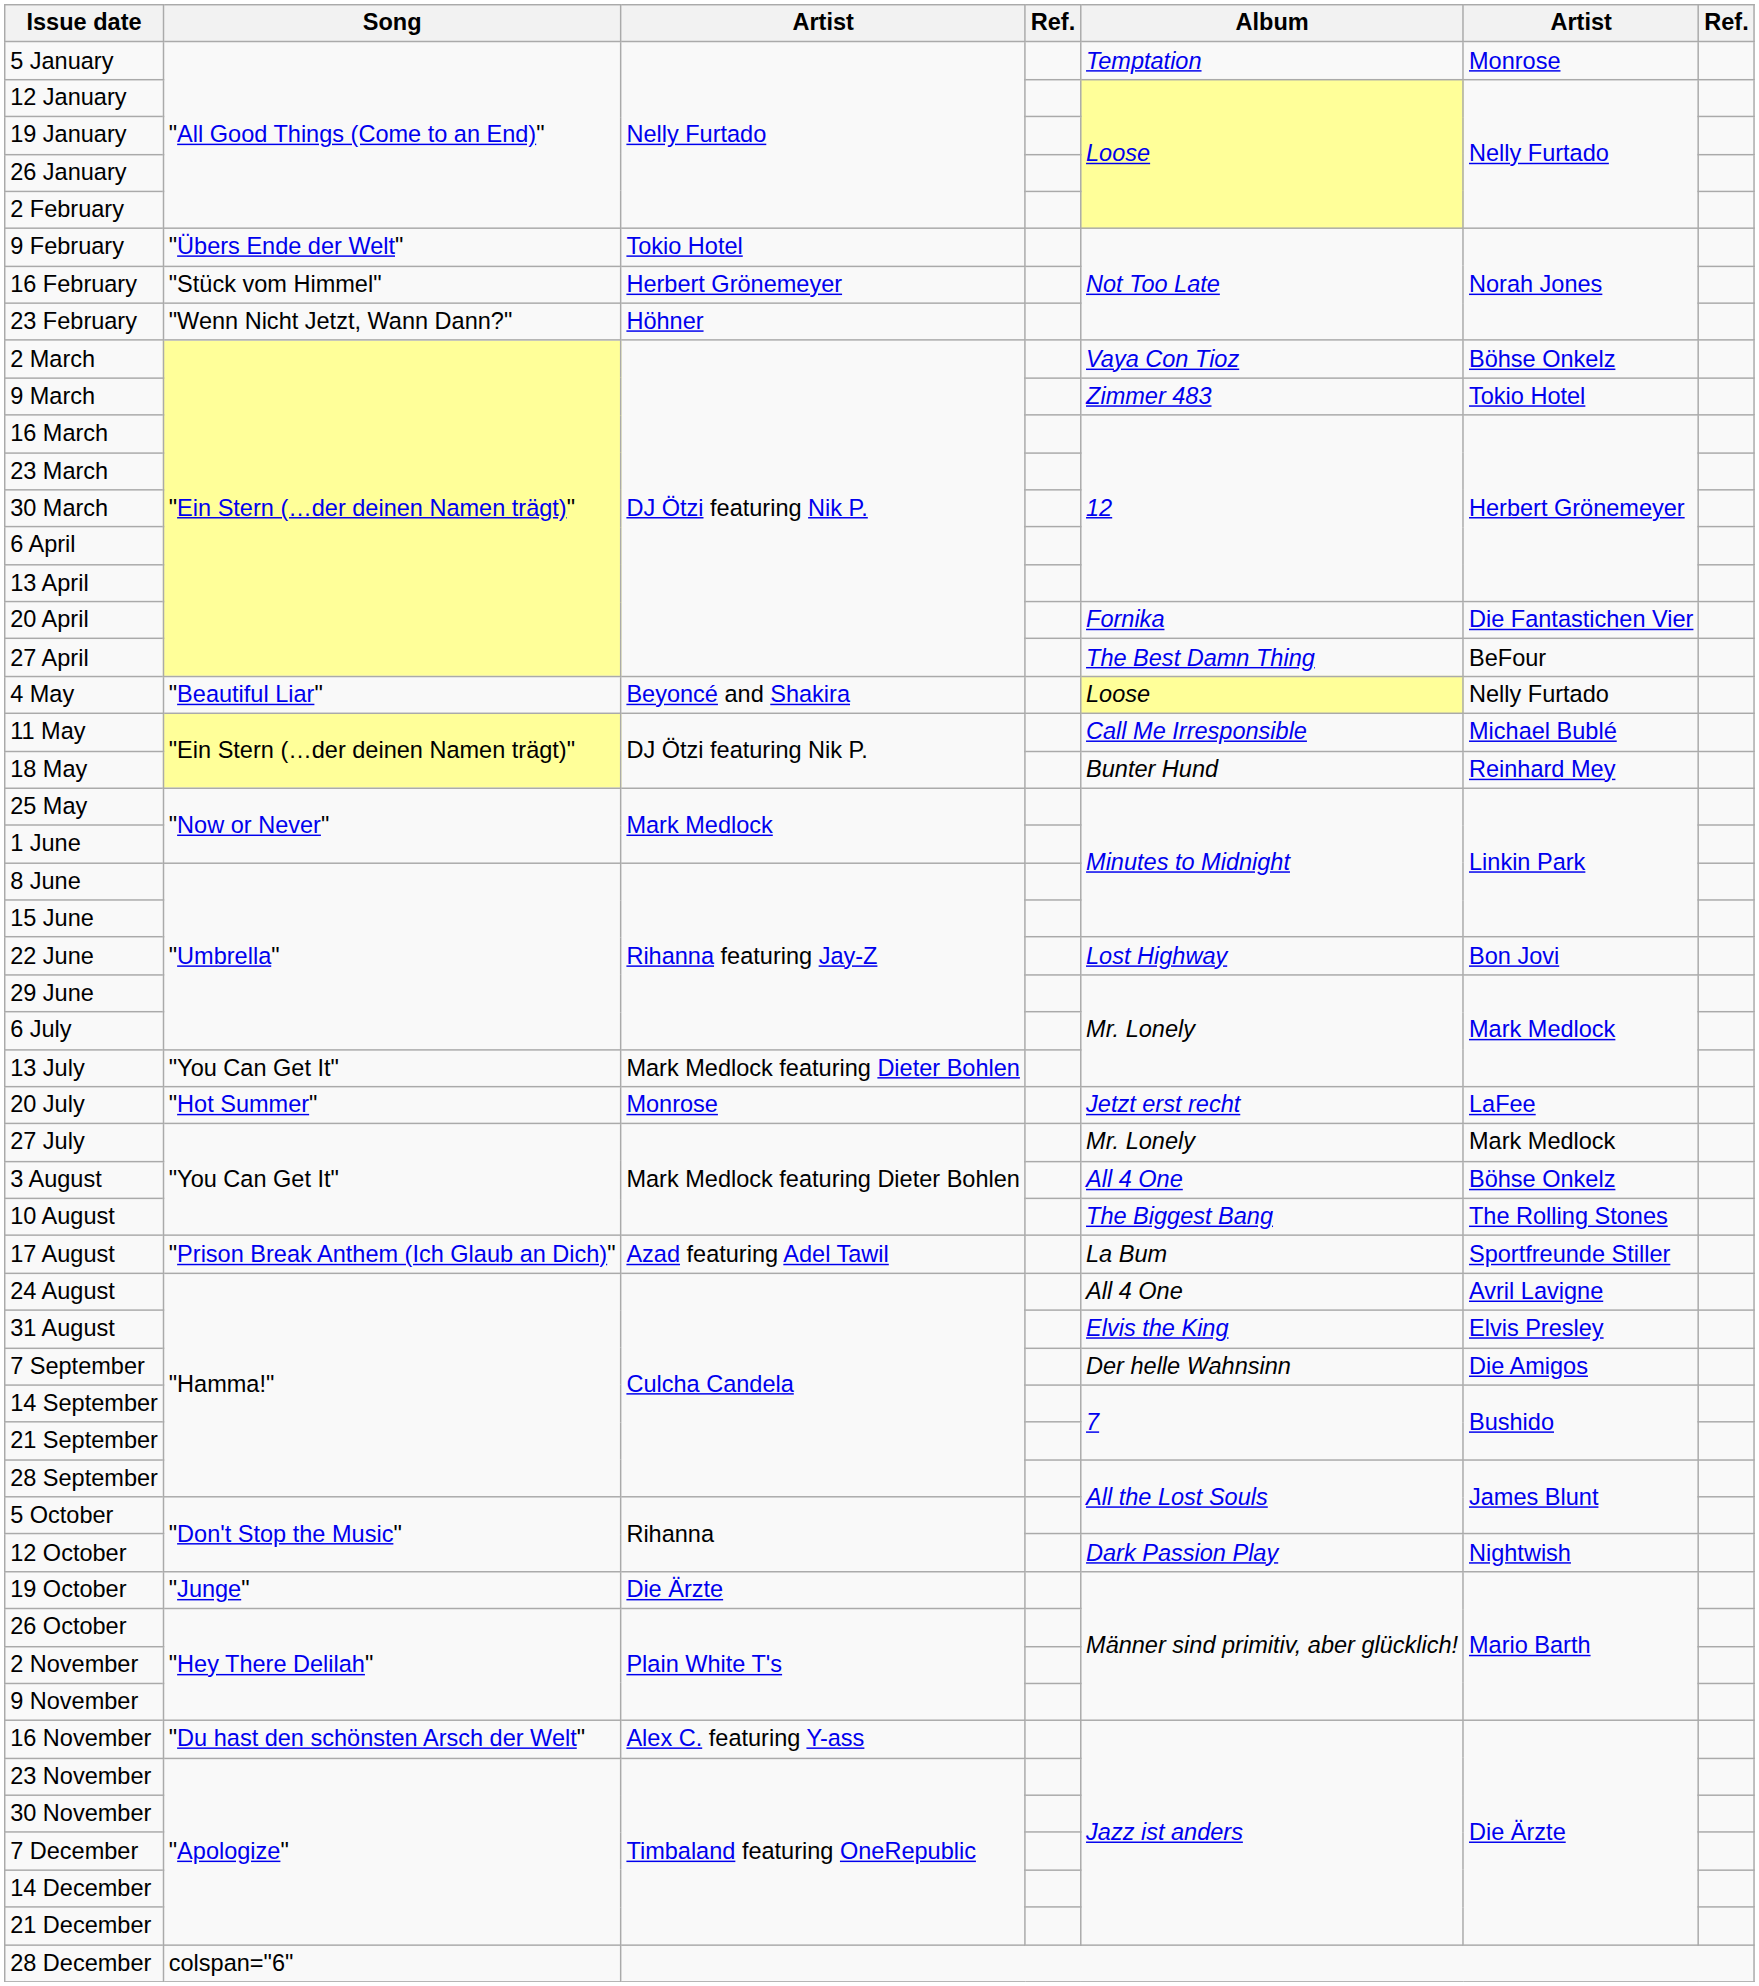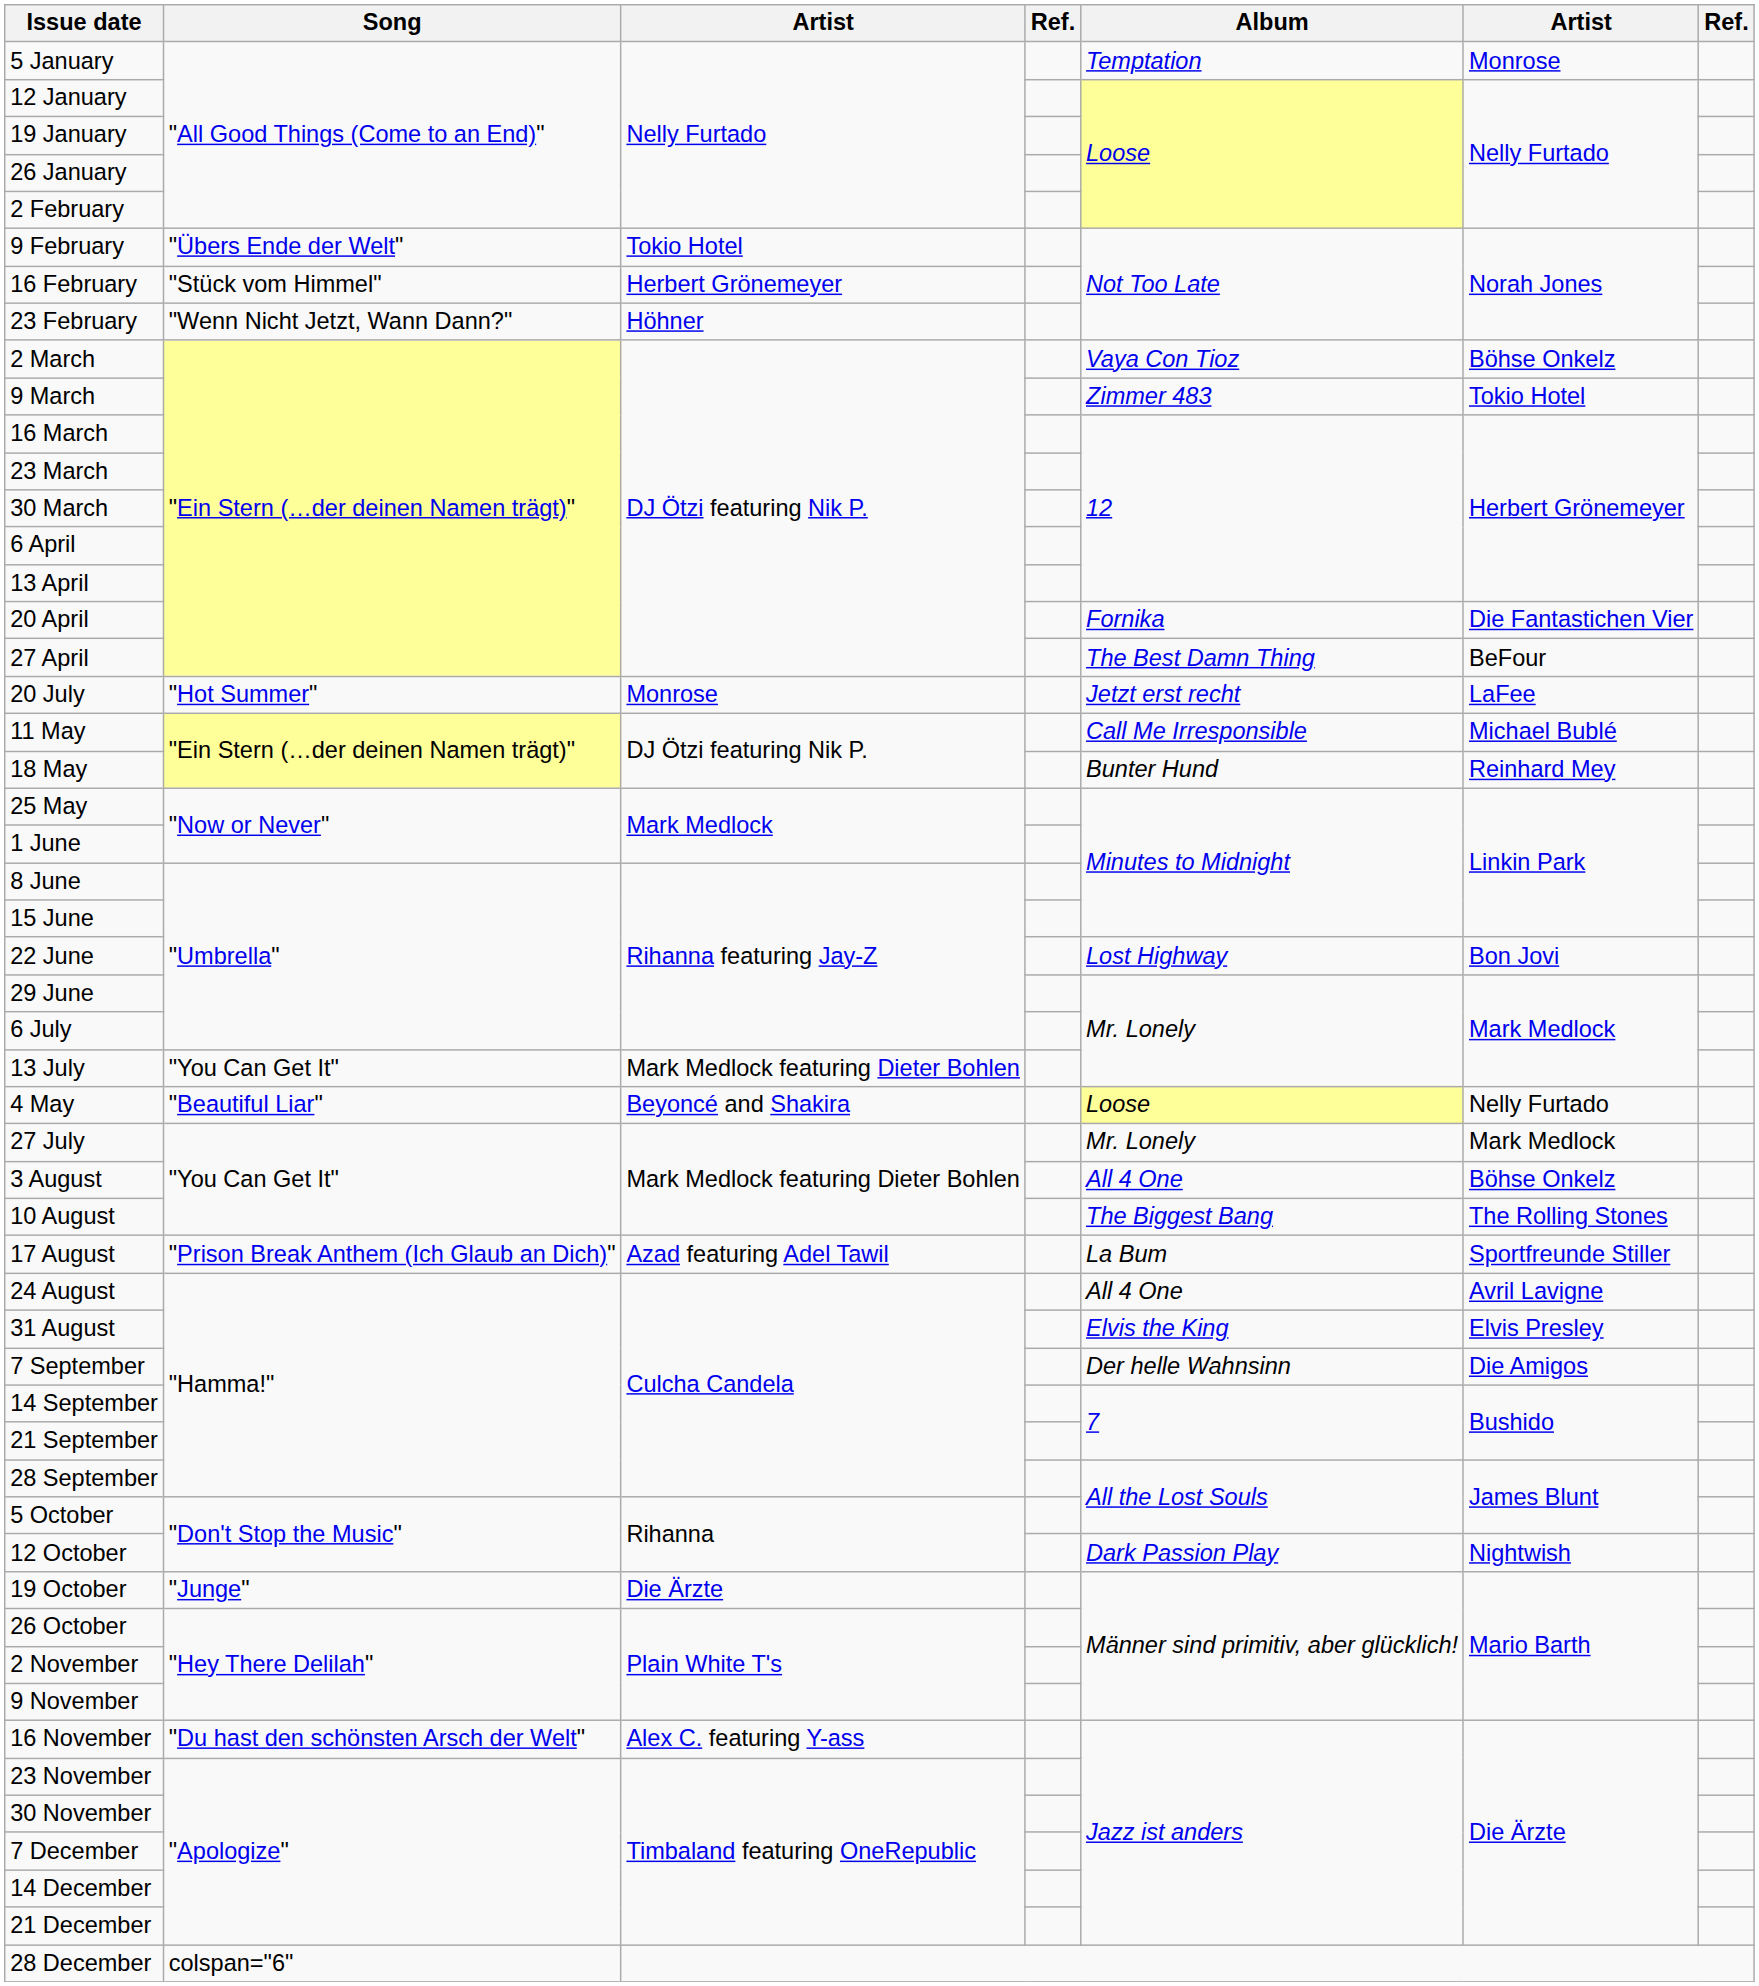 <table class="sortable wikitable">
 <tr>
 <th>Issue date</th>
 <th>Song</th>
 <th>Artist</th>
 <th>Ref.</th>
 <th>Album</th>
 <th>Artist</th>
 <th>Ref.</th>
 </tr>
 <tr>
 <td>5 January</td>
 <td rowspan="5">"<a href='#'>All Good Things (Come to an End)</a>"</td>
 <td rowspan="5"><a href='#'>Nelly Furtado</a></td>
 <td align="center"></td>
 <td><em><a href='#'>Temptation</a></em></td>
 <td><a href='#'>Monrose</a></td>
 <td align="center"></td>
 </tr>
 <tr>
 <td>12 January</td>
 <td align="center"></td>
 <td bgcolor=#FFFF99 rowspan="4"><em><a href='#'>Loose</a></em></td>
 <td rowspan="4"><a href='#'>Nelly Furtado</a></td>
 <td align="center"></td>
 </tr>
 <tr>
 <td>19 January</td>
 <td align="center"></td>
 <td align="center"></td>
 </tr>
 <tr>
 <td>26 January</td>
 <td align="center"></td>
 <td align="center"></td>
 </tr>
 <tr>
 <td>2 February</td>
 <td align="center"></td>
 <td align="center"></td>
 </tr>
 <tr>
 <td>9 February</td>
 <td>"<a href='#'>Übers Ende der Welt</a>"</td>
 <td><a href='#'>Tokio Hotel</a></td>
 <td align="center"></td>
 <td rowspan="3"><em><a href='#'>Not Too Late</a></em></td>
 <td rowspan="3"><a href='#'>Norah Jones</a></td>
 <td align="center"></td>
 </tr>
 <tr>
 <td>16 February</td>
 <td>"Stück vom Himmel"</td>
 <td><a href='#'>Herbert Grönemeyer</a></td>
 <td align="center"></td>
 <td align="center"></td>
 </tr>
 <tr>
 <td>23 February</td>
 <td>"Wenn Nicht Jetzt, Wann Dann?"</td>
 <td><a href='#'>Höhner</a></td>
 <td align="center"></td>
 <td align="center"></td>
 </tr>
 <tr>
 <td>2 March</td>
 <td bgcolor=#FFFF99 rowspan="9">"<a href='#'>Ein Stern (…der deinen Namen trägt)</a>"</td>
 <td rowspan="9"><a href='#'>DJ Ötzi</a> featuring <a href='#'>Nik P.</a></td>
 <td align="center"></td>
 <td><em><a href='#'>Vaya Con Tioz</a></em></td>
 <td><a href='#'>Böhse Onkelz</a></td>
 <td align="center"></td>
 </tr>
 <tr>
 <td>9 March</td>
 <td align="center"></td>
 <td><em><a href='#'>Zimmer 483</a></em></td>
 <td><a href='#'>Tokio Hotel</a></td>
 <td align="center"></td>
 </tr>
 <tr>
 <td>16 March</td>
 <td align="center"></td>
 <td rowspan="5"><em><a href='#'>12</a></em></td>
 <td rowspan="5"><a href='#'>Herbert Grönemeyer</a></td>
 <td align="center"></td>
 </tr>
 <tr>
 <td>23 March</td>
 <td align="center"></td>
 <td align="center"></td>
 </tr>
 <tr>
 <td>30 March</td>
 <td align="center"></td>
 <td align="center"></td>
 </tr>
 <tr>
 <td>6 April</td>
 <td align="center"></td>
 <td align="center"></td>
 </tr>
 <tr>
 <td>13 April</td>
 <td align="center"></td>
 <td align="center"></td>
 </tr>
 <tr>
 <td>20 April</td>
 <td align="center"></td>
 <td><em><a href='#'>Fornika</a></em></td>
 <td><a href='#'>Die Fantastichen Vier</a></td>
 <td align="center"></td>
 </tr>
 <tr>
 <td>27 April</td>
 <td align="center"></td>
 <td><em><a href='#'>The Best Damn Thing</a></em></td>
 <td>BeFour</td>
 <td align="center"></td>
 </tr>
 <tr>
-<td>4 May</td>
-<td>"<a href='#'>Beautiful Liar</a>"</td>
-<td><a href='#'>Beyoncé</a> and <a href='#'>Shakira</a></td>
+<td>20 July</td>
+<td>"<a href='#'>Hot Summer</a>"</td>
+<td><a href='#'>Monrose</a></td>
 <td align="center"></td>
-<td bgcolor=#FFFF99><em>Loose</em></td>
-<td>Nelly Furtado</td>
+<td><em><a href='#'>Jetzt erst recht</a></em></td>
+<td><a href='#'>LaFee</a></td>
 <td align="center"></td>
 </tr>
 <tr>
 <td>11 May</td>
 <td bgcolor=#FFFF99 rowspan="2">"Ein Stern (…der deinen Namen trägt)"</td>
 <td rowspan="2">DJ Ötzi featuring Nik P.</td>
 <td align="center"></td>
 <td><em><a href='#'>Call Me Irresponsible</a></em></td>
 <td><a href='#'>Michael Bublé</a></td>
 <td align="center"></td>
 </tr>
 <tr>
 <td>18 May</td>
 <td align="center"></td>
 <td><em>Bunter Hund</em></td>
 <td><a href='#'>Reinhard Mey</a></td>
 <td align="center"></td>
 </tr>
 <tr>
 <td>25 May</td>
 <td rowspan="2">"<a href='#'>Now or Never</a>"</td>
 <td rowspan="2"><a href='#'>Mark Medlock</a></td>
 <td align="center"></td>
 <td rowspan="4"><em><a href='#'>Minutes to Midnight</a></em></td>
 <td rowspan="4"><a href='#'>Linkin Park</a></td>
 <td align="center"></td>
 </tr>
 <tr>
 <td>1 June</td>
 <td align="center"></td>
 <td align="center"></td>
 </tr>
 <tr>
 <td>8 June</td>
 <td rowspan="5">"<a href='#'>Umbrella</a>"</td>
 <td rowspan="5"><a href='#'>Rihanna</a> featuring <a href='#'>Jay-Z</a></td>
 <td align="center"></td>
 <td align="center"></td>
 </tr>
 <tr>
 <td>15 June</td>
 <td align="center"></td>
 <td align="center"></td>
 </tr>
 <tr>
 <td>22 June</td>
 <td align="center"></td>
 <td><em><a href='#'>Lost Highway</a></em></td>
 <td><a href='#'>Bon Jovi</a></td>
 <td align="center"></td>
 </tr>
 <tr>
 <td>29 June</td>
 <td align="center"></td>
 <td rowspan="3"><em>Mr. Lonely</em></td>
 <td rowspan="3"><a href='#'>Mark Medlock</a></td>
 <td align="center"></td>
 </tr>
 <tr>
 <td>6 July</td>
 <td align="center"></td>
 <td align="center"></td>
 </tr>
 <tr>
 <td>13 July</td>
 <td>"You Can Get It"</td>
 <td>Mark Medlock featuring <a href='#'>Dieter Bohlen</a></td>
 <td align="center"></td>
 <td align="center"></td>
 </tr>
 <tr>
-<td>20 July</td>
-<td>"<a href='#'>Hot Summer</a>"</td>
-<td><a href='#'>Monrose</a></td>
+<td>4 May</td>
+<td>"<a href='#'>Beautiful Liar</a>"</td>
+<td><a href='#'>Beyoncé</a> and <a href='#'>Shakira</a></td>
 <td align="center"></td>
-<td><em><a href='#'>Jetzt erst recht</a></em></td>
-<td><a href='#'>LaFee</a></td>
+<td bgcolor=#FFFF99><em>Loose</em></td>
+<td>Nelly Furtado</td>
 <td align="center"></td>
 </tr>
 <tr>
 <td>27 July</td>
 <td rowspan="3">"You Can Get It"</td>
 <td rowspan="3">Mark Medlock featuring Dieter Bohlen</td>
 <td align="center"></td>
 <td><em>Mr. Lonely</em></td>
 <td>Mark Medlock</td>
 <td align="center"></td>
 </tr>
 <tr>
 <td>3 August</td>
 <td align="center"></td>
 <td><em><a href='#'>All 4 One</a></em></td>
 <td><a href='#'>Böhse Onkelz</a></td>
 <td align="center"></td>
 </tr>
 <tr>
 <td>10 August</td>
 <td align="center"></td>
 <td><em><a href='#'>The Biggest Bang</a></em></td>
 <td><a href='#'>The Rolling Stones</a></td>
 <td align="center"></td>
 </tr>
 <tr>
 <td>17 August</td>
 <td>"<a href='#'>Prison Break Anthem (Ich Glaub an Dich)</a>"</td>
 <td><a href='#'>Azad</a> featuring <a href='#'>Adel Tawil</a></td>
 <td align="center"></td>
 <td><em>La Bum</em></td>
 <td><a href='#'>Sportfreunde Stiller</a></td>
 <td align="center"></td>
 </tr>
 <tr>
 <td>24 August</td>
 <td rowspan="6">"Hamma!"</td>
 <td rowspan="6"><a href='#'>Culcha Candela</a></td>
 <td align="center"></td>
 <td><em>All 4 One</em></td>
 <td><a href='#'>Avril Lavigne</a></td>
 <td align="center"></td>
 </tr>
 <tr>
 <td>31 August</td>
 <td align="center"></td>
 <td><em><a href='#'>Elvis the King</a></em></td>
 <td><a href='#'>Elvis Presley</a></td>
 <td align="center"></td>
 </tr>
 <tr>
 <td>7 September</td>
 <td align="center"></td>
 <td><em>Der helle Wahnsinn</em></td>
 <td><a href='#'>Die Amigos</a></td>
 <td align="center"></td>
 </tr>
 <tr>
 <td>14 September</td>
 <td align="center"></td>
 <td rowspan="2"><em><a href='#'>7</a></em></td>
 <td rowspan="2"><a href='#'>Bushido</a></td>
 <td align="center"></td>
 </tr>
 <tr>
 <td>21 September</td>
 <td align="center"></td>
 <td align="center"></td>
 </tr>
 <tr>
 <td>28 September</td>
 <td align="center"></td>
 <td rowspan="2"><em><a href='#'>All the Lost Souls</a></em></td>
 <td rowspan="2"><a href='#'>James Blunt</a></td>
 <td align="center"></td>
 </tr>
 <tr>
 <td>5 October</td>
 <td rowspan="2">"<a href='#'>Don't Stop the Music</a>"</td>
 <td rowspan="2">Rihanna</td>
 <td align="center"></td>
 <td align="center"></td>
 </tr>
 <tr>
 <td>12 October</td>
 <td align="center"></td>
 <td><em><a href='#'>Dark Passion Play</a></em></td>
 <td><a href='#'>Nightwish</a></td>
 <td align="center"></td>
 </tr>
 <tr>
 <td>19 October</td>
 <td>"<a href='#'>Junge</a>"</td>
 <td><a href='#'>Die Ärzte</a></td>
 <td align="center"></td>
 <td rowspan="4"><em>Männer sind primitiv, aber glücklich!</em></td>
 <td rowspan="4"><a href='#'>Mario Barth</a></td>
 <td align="center"></td>
 </tr>
 <tr>
 <td>26 October</td>
 <td rowspan="3">"<a href='#'>Hey There Delilah</a>"</td>
 <td rowspan="3"><a href='#'>Plain White T's</a></td>
 <td align="center"></td>
 <td align="center"></td>
 </tr>
 <tr>
 <td>2 November</td>
 <td align="center"></td>
 <td align="center"></td>
 </tr>
 <tr>
 <td>9 November</td>
 <td align="center"></td>
 <td align="center"></td>
 </tr>
 <tr>
 <td>16 November</td>
 <td>"<a href='#'>Du hast den schönsten Arsch der Welt</a>"</td>
 <td><a href='#'>Alex C.</a> featuring <a href='#'>Y-ass</a></td>
 <td align="center"></td>
 <td rowspan="6"><em><a href='#'>Jazz ist anders</a></em></td>
 <td rowspan="6"><a href='#'>Die Ärzte</a></td>
 <td align="center"></td>
 </tr>
 <tr>
 <td>23 November</td>
 <td rowspan="5">"<a href='#'>Apologize</a>"</td>
 <td rowspan="5"><a href='#'>Timbaland</a> featuring <a href='#'>OneRepublic</a></td>
 <td align="center"></td>
 <td align="center"></td>
 </tr>
 <tr>
 <td>30 November</td>
 <td align="center"></td>
 <td align="center"></td>
 </tr>
 <tr>
 <td>7 December</td>
 <td align="center"></td>
 <td align="center"></td>
 </tr>
 <tr>
 <td>14 December</td>
 <td align="center"></td>
 <td align="center"></td>
 </tr>
 <tr>
 <td>21 December</td>
 <td align="center"></td>
 <td align="center"></td>
 </tr>
 <tr>
 <td>28 December</td>
 <td>colspan="6" </td>
 </tr>
 </table>
